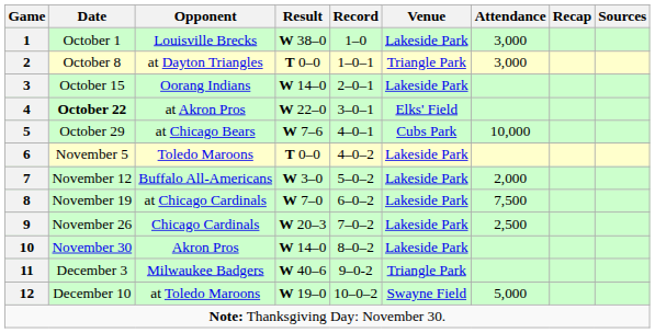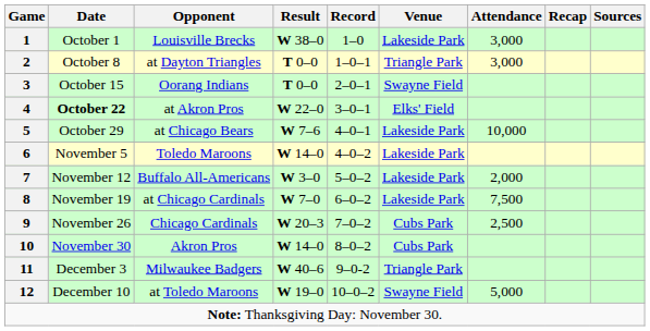 <table class="wikitable" style="text-align:center">
 <tr>
 <th>Game</th>
 <th>Date</th>
 <th>Opponent</th>
 <th>Result</th>
 <th>Record</th>
 <th>Venue</th>
 <th>Attendance</th>
 <th>Recap</th>
 <th>Sources</th>
 </tr>
 <tr style="background:#cfc">
 <th>1</th>
 <td>October 1</td>
 <td><a href='#'>Louisville Brecks</a></td>
 <td><strong>W</strong> 38–0</td>
 <td>1–0</td>
 <td><a href='#'>Lakeside Park</a></td>
 <td>3,000</td>
 <td></td>
 <td></td>
 </tr>
 <tr style="background:#ffc">
 <th>2</th>
 <td>October 8</td>
 <td>at <a href='#'>Dayton Triangles</a></td>
 <td><strong>T</strong> 0–0</td>
 <td>1–0–1</td>
 <td><a href='#'>Triangle Park</a></td>
 <td>3,000</td>
 <td></td>
 <td></td>
 </tr>
 <tr style="background:#cfc">
 <th>3</th>
 <td>October 15</td>
 <td><a href='#'>Oorang Indians</a></td>
-<td><strong>W</strong> 14–0</td>
+<td><strong>T</strong> 0–0</td>
 <td>2–0–1</td>
-<td><a href='#'>Lakeside Park</a></td>
+<td><a href='#'>Swayne Field</a></td>
 <td></td>
 <td></td>
 <td></td>
 </tr>
 <tr style="background:#cfc">
 <th>4</th>
 <td><strong>October 22</strong></td>
 <td>at <a href='#'>Akron Pros</a></td>
 <td><strong>W</strong> 22–0</td>
 <td>3–0–1</td>
 <td><a href='#'>Elks' Field</a></td>
 <td></td>
 <td></td>
 <td></td>
 </tr>
 <tr style="background:#cfc">
 <th>5</th>
 <td>October 29</td>
 <td>at <a href='#'>Chicago Bears</a></td>
 <td><strong>W</strong> 7–6</td>
 <td>4–0–1</td>
-<td><a href='#'>Cubs Park</a></td>
+<td><a href='#'>Lakeside Park</a></td>
 <td>10,000</td>
 <td></td>
 <td></td>
 </tr>
 <tr style="background:#ffc">
 <th>6</th>
 <td>November 5</td>
 <td><a href='#'>Toledo Maroons</a></td>
-<td><strong>T</strong> 0–0</td>
+<td><strong>W</strong> 14–0</td>
 <td>4–0–2</td>
 <td><a href='#'>Lakeside Park</a></td>
 <td></td>
 <td></td>
 <td></td>
 </tr>
 <tr style="background:#cfc">
 <th>7</th>
 <td>November 12</td>
 <td><a href='#'>Buffalo All-Americans</a></td>
 <td><strong>W</strong> 3–0</td>
 <td>5–0–2</td>
 <td><a href='#'>Lakeside Park</a></td>
 <td>2,000</td>
 <td></td>
 <td></td>
 </tr>
 <tr style="background:#cfc">
 <th>8</th>
 <td>November 19</td>
 <td>at <a href='#'>Chicago Cardinals</a></td>
 <td><strong>W</strong> 7–0</td>
 <td>6–0–2</td>
 <td><a href='#'>Lakeside Park</a></td>
 <td>7,500</td>
 <td></td>
 <td></td>
 </tr>
 <tr style="background:#cfc">
 <th>9</th>
 <td>November 26</td>
 <td><a href='#'>Chicago Cardinals</a></td>
 <td><strong>W</strong> 20–3</td>
 <td>7–0–2</td>
-<td><a href='#'>Lakeside Park</a></td>
+<td><a href='#'>Cubs Park</a></td>
 <td>2,500</td>
 <td></td>
 <td></td>
 </tr>
 <tr style="background:#cfc">
 <th>10</th>
 <td><a href='#'>November 30</a></td>
 <td><a href='#'>Akron Pros</a></td>
 <td><strong>W</strong> 14–0</td>
 <td>8–0–2</td>
-<td><a href='#'>Lakeside Park</a></td>
+<td><a href='#'>Cubs Park</a></td>
 <td></td>
 <td></td>
 <td></td>
 </tr>
 <tr style="background:#cfc">
 <th>11</th>
 <td>December 3</td>
 <td><a href='#'>Milwaukee Badgers</a></td>
 <td><strong>W</strong> 40–6</td>
 <td>9–0-2</td>
 <td><a href='#'>Triangle Park</a></td>
 <td></td>
 <td></td>
 <td></td>
 </tr>
 <tr style="background:#cfc">
 <th>12</th>
 <td>December 10</td>
 <td>at <a href='#'>Toledo Maroons</a></td>
 <td><strong>W</strong> 19–0</td>
 <td>10–0–2</td>
 <td><a href='#'>Swayne Field</a></td>
 <td>5,000</td>
 <td></td>
 <td></td>
 </tr>
 <tr>
 <td colspan="10"><strong>Note:</strong> Thanksgiving Day: November 30.</td>
 </tr>
 </table>
